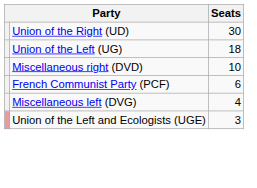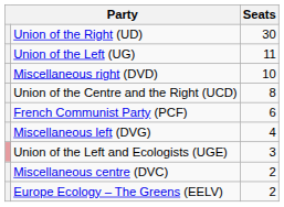 <table class="wikitable" style="font-size: 95%;">
 <tr>
 <th colspan="2">Party</th>
 <th>Seats</th>
 </tr>
 <tr>
 <th style="background-color: "></th>
 <td><a href='#'>Union of the Right</a> (UD)</td>
 <td style="text-align:right;">30</td>
 </tr>
 <tr>
 <th style="background-color: "></th>
 <td><a href='#'>Union of the Left</a> (UG)</td>
-<td style="text-align:right;">18</td>
+<td style="text-align:right;">11</td>
 </tr>
 <tr>
 <th style="background-color: "></th>
 <td><a href='#'>Miscellaneous right</a> (DVD)</td>
 <td style="text-align:right;">10</td>
+</tr>
+<tr>
+<th style="background-color: "></th>
+<td>Union of the Centre and the Right (UCD)</td>
+<td style="text-align:right;">8</td>
 </tr>
 <tr>
 <th style="background-color: "></th>
 <td><a href='#'>French Communist Party</a> (PCF)</td>
 <td style="text-align:right;">6</td>
 </tr>
 <tr>
 <th style="background-color: "></th>
 <td><a href='#'>Miscellaneous left</a> (DVG)</td>
 <td style="text-align:right;">4</td>
 </tr>
 <tr>
 <th style="background:#e69ca0;"></th>
 <td>Union of the Left and Ecologists (UGE)</td>
 <td style="text-align:right;">3</td>
 </tr>
+<tr>
+<th style="background-color: "></th>
+<td><a href='#'>Miscellaneous centre</a> (DVC)</td>
+<td style="text-align:right;">2</td>
+</tr>
+<tr>
+<th style="background-color: "></th>
+<td><a href='#'>Europe Ecology – The Greens</a> (EELV)</td>
+<td style="text-align:right;">2</td>
+</tr>
 </table>
